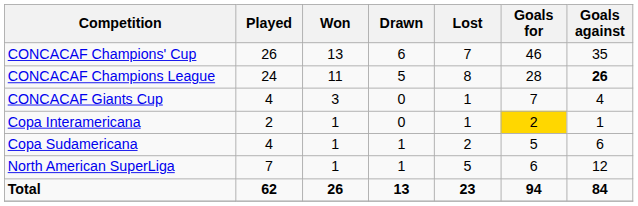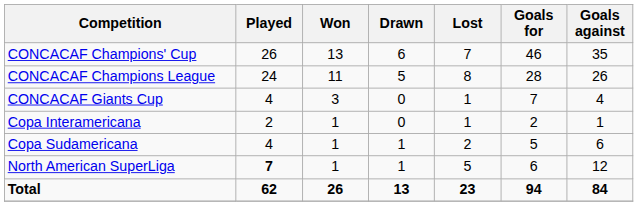 <table class="sortable wikitable" width=80%>
 <tr>
 <th width=35%>Competition</th>
 <th width=10%>Played</th>
 <th width=10%>Won</th>
 <th width=10%>Drawn</th>
 <th width=10%>Lost</th>
 <th width=10%>Goals<br>for</th>
 <th width=10%>Goals<br>against</th>
 </tr>
 <tr>
 <td><a href='#'>CONCACAF Champions' Cup</a></td>
 <td align=center>26</td>
 <td align=center>13</td>
 <td align=center>6</td>
 <td align=center>7</td>
 <td align=center>46</td>
 <td align=center>35</td>
 </tr>
 <tr>
 <td><a href='#'>CONCACAF Champions League</a></td>
 <td align=center>24</td>
 <td align=center>11</td>
 <td align=center>5</td>
 <td align=center>8</td>
 <td align=center>28</td>
-<td align=center><strong>26</strong></td>
+<td align=center>26</td>
 </tr>
 <tr>
 <td><a href='#'>CONCACAF Giants Cup</a></td>
 <td align=center>4</td>
 <td align=center>3</td>
 <td align=center>0</td>
 <td align=center>1</td>
 <td align=center>7</td>
 <td align=center>4</td>
 </tr>
 <tr>
 <td><a href='#'>Copa Interamericana</a></td>
 <td align=center>2</td>
 <td align=center>1</td>
 <td align=center>0</td>
 <td align=center>1</td>
-<td align=center style="background: gold;">2</td>
+<td align=center>2</td>
 <td align=center>1</td>
 </tr>
 <tr>
 <td><a href='#'>Copa Sudamericana</a></td>
 <td align=center>4</td>
 <td align=center>1</td>
 <td align=center>1</td>
 <td align=center>2</td>
 <td align=center>5</td>
 <td align=center>6</td>
 </tr>
 <tr>
 <td><a href='#'>North American SuperLiga</a></td>
-<td align=center>7</td>
+<td align=center><strong>7</strong></td>
 <td align=center>1</td>
 <td align=center>1</td>
 <td align=center>5</td>
 <td align=center>6</td>
 <td align=center>12</td>
 </tr>
 <tr class="sortbottom">
 <td><strong>Total</strong></td>
 <td align=center><strong>62</strong></td>
 <td align=center><strong>26</strong></td>
 <td align=center><strong>13</strong></td>
 <td align=center><strong>23</strong></td>
 <td align=center><strong>94</strong></td>
 <td align=center><strong>84</strong></td>
 </tr>
 <tr>
 </tr>
 </table>
